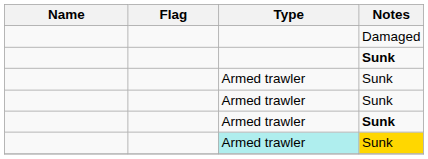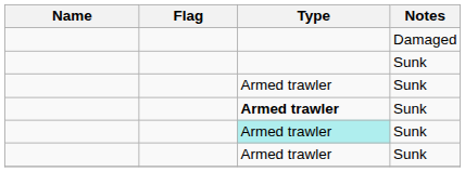 <table class="wikitable sortable">
 <tr>
 <th scope="col" width="140px">Name</th>
 <th scope="col" width="100px">Flag</th>
 <th scope="col" width="160px">Type</th>
 <th>Notes</th>
 </tr>
 <tr>
 <td align="left"></td>
 <td align="left"></td>
 <td align="left"></td>
 <td align="left">Damaged</td>
 </tr>
 <tr>
 <td align="left"></td>
 <td align="left"></td>
 <td align="left"></td>
-<td align="left"><strong>Sunk</strong></td>
-</tr>
-<tr>
-<td align="left"></td>
-<td align="left"></td>
-<td align="left">Armed trawler</td>
 <td align="left">Sunk</td>
 </tr>
 <tr>
 <td align="left"></td>
 <td align="left"></td>
 <td align="left">Armed trawler</td>
 <td align="left">Sunk</td>
 </tr>
 <tr>
 <td align="left"></td>
 <td align="left"></td>
-<td align="left">Armed trawler</td>
-<td align="left"><strong>Sunk</strong></td>
+<td align="left"><strong>Armed trawler</strong></td>
+<td align="left">Sunk</td>
 </tr>
 <tr>
 <td align="left"></td>
 <td align="left"></td>
 <td align="left" style="background: paleturquoise;">Armed trawler</td>
-<td align="left" style="background: gold;">Sunk</td>
+<td align="left">Sunk</td>
+</tr>
+<tr>
+<td align="left"></td>
+<td align="left"></td>
+<td align="left">Armed trawler</td>
+<td align="left">Sunk</td>
 </tr>
 <tr>
 </tr>
 </table>
